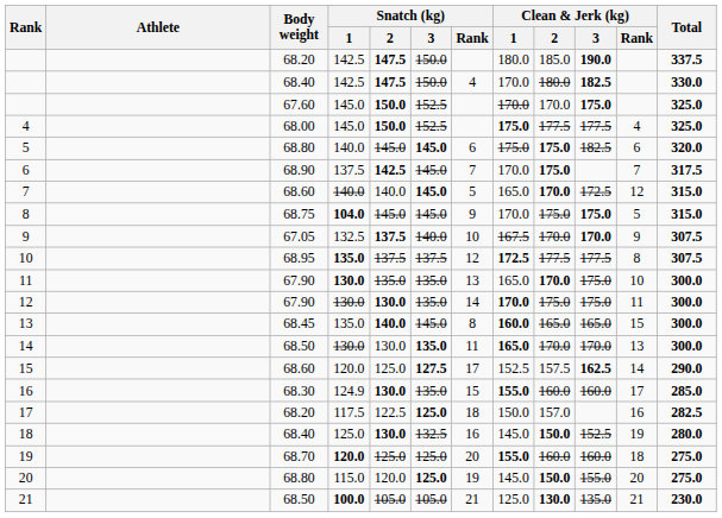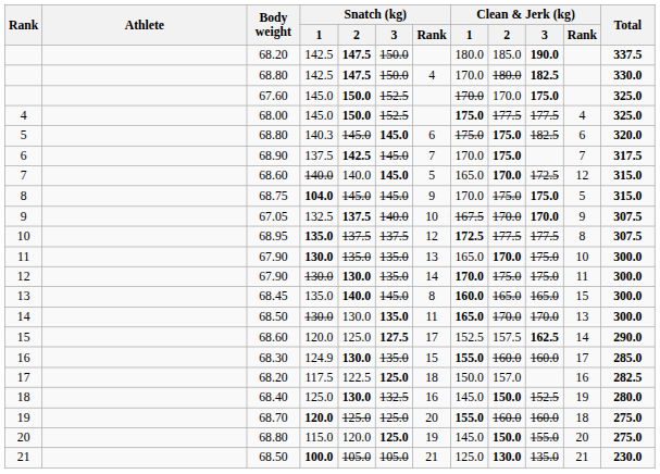 <table class = "wikitable" style="text-align:center;">
 <tr>
 <th rowspan=2 width=40>Rank</th>
 <th rowspan=2 width=250>Athlete</th>
 <th rowspan=2 width=60>Body weight</th>
 <th colspan=4>Snatch (kg)</th>
 <th colspan=4>Clean & Jerk (kg)</th>
 <th rowspan=2 width=60>Total</th>
 </tr>
 <tr>
 <th width=40>1</th>
 <th width=40>2</th>
 <th width=40>3</th>
 <th width=40>Rank</th>
 <th width=40>1</th>
 <th width=40>2</th>
 <th width=40>3</th>
 <th width=40>Rank</th>
 </tr>
 <tr>
 <td></td>
 <td align=left></td>
 <td>68.20</td>
 <td>142.5</td>
 <td><strong>147.5</strong></td>
 <td><s>150.0</s></td>
 <td></td>
 <td>180.0</td>
 <td>185.0</td>
 <td><strong>190.0</strong></td>
 <td></td>
 <td><strong>337.5</strong></td>
 </tr>
 <tr>
 <td></td>
 <td align=left></td>
-<td>68.40</td>
+<td>68.80</td>
 <td>142.5</td>
 <td><strong>147.5</strong></td>
 <td><s>150.0</s></td>
 <td>4</td>
 <td>170.0</td>
 <td><s>180.0</s></td>
 <td><strong>182.5</strong></td>
 <td></td>
 <td><strong>330.0</strong></td>
 </tr>
 <tr>
 <td></td>
 <td align=left></td>
 <td>67.60</td>
 <td>145.0</td>
 <td><strong>150.0</strong></td>
 <td><s>152.5</s></td>
 <td></td>
 <td><s>170.0</s></td>
 <td>170.0</td>
 <td><strong>175.0</strong></td>
 <td></td>
 <td><strong>325.0</strong></td>
 </tr>
 <tr>
 <td>4</td>
 <td align=left></td>
 <td>68.00</td>
 <td>145.0</td>
 <td><strong>150.0</strong></td>
 <td><s>152.5</s></td>
 <td></td>
 <td><strong>175.0</strong></td>
 <td><s>177.5</s></td>
 <td><s>177.5</s></td>
 <td>4</td>
 <td><strong>325.0</strong></td>
 </tr>
 <tr>
 <td>5</td>
 <td align=left></td>
 <td>68.80</td>
-<td>140.0</td>
+<td>140.3</td>
 <td><s>145.0</s></td>
 <td><strong>145.0</strong></td>
 <td>6</td>
 <td><s>175.0</s></td>
 <td><strong>175.0</strong></td>
 <td><s>182.5</s></td>
 <td>6</td>
 <td><strong>320.0</strong></td>
 </tr>
 <tr>
 <td>6</td>
 <td align=left></td>
 <td>68.90</td>
 <td>137.5</td>
 <td><strong>142.5</strong></td>
 <td><s>145.0</s></td>
 <td>7</td>
 <td>170.0</td>
 <td><strong>175.0</strong></td>
 <td></td>
 <td>7</td>
 <td><strong>317.5</strong></td>
 </tr>
 <tr>
 <td>7</td>
 <td align=left></td>
 <td>68.60</td>
 <td><s>140.0</s></td>
 <td>140.0</td>
 <td><strong>145.0</strong></td>
 <td>5</td>
 <td>165.0</td>
 <td><strong>170.0</strong></td>
 <td><s>172.5</s></td>
 <td>12</td>
 <td><strong>315.0</strong></td>
 </tr>
 <tr>
 <td>8</td>
 <td align=left></td>
 <td>68.75</td>
 <td><strong>104.0</strong></td>
 <td><s>145.0</s></td>
 <td><s>145.0</s></td>
 <td>9</td>
 <td>170.0</td>
 <td><s>175.0</s></td>
 <td><strong>175.0</strong></td>
 <td>5</td>
 <td><strong>315.0</strong></td>
 </tr>
 <tr>
 <td>9</td>
 <td align=left></td>
 <td>67.05</td>
 <td>132.5</td>
 <td><strong>137.5</strong></td>
 <td><s>140.0</s></td>
 <td>10</td>
 <td><s>167.5</s></td>
 <td><s>170.0</s></td>
 <td><strong>170.0</strong></td>
 <td>9</td>
 <td><strong>307.5</strong></td>
 </tr>
 <tr>
 <td>10</td>
 <td align=left></td>
 <td>68.95</td>
 <td><strong>135.0</strong></td>
 <td><s>137.5</s></td>
 <td><s>137.5</s></td>
 <td>12</td>
 <td><strong>172.5</strong></td>
 <td><s>177.5</s></td>
 <td><s>177.5</s></td>
 <td>8</td>
 <td><strong>307.5</strong></td>
 </tr>
 <tr>
 <td>11</td>
 <td align=left></td>
 <td>67.90</td>
 <td><strong>130.0</strong></td>
 <td><s>135.0</s></td>
 <td><s>135.0</s></td>
 <td>13</td>
 <td>165.0</td>
 <td><strong>170.0</strong></td>
 <td><s>175.0</s></td>
 <td>10</td>
 <td><strong>300.0</strong></td>
 </tr>
 <tr>
 <td>12</td>
 <td align=left></td>
 <td>67.90</td>
 <td><s>130.0</s></td>
 <td><strong>130.0</strong></td>
 <td><s>135.0</s></td>
 <td>14</td>
 <td><strong>170.0</strong></td>
 <td><s>175.0</s></td>
 <td><s>175.0</s></td>
 <td>11</td>
 <td><strong>300.0</strong></td>
 </tr>
 <tr>
 <td>13</td>
 <td align=left></td>
 <td>68.45</td>
 <td>135.0</td>
 <td><strong>140.0</strong></td>
 <td><s>145.0</s></td>
 <td>8</td>
 <td><strong>160.0</strong></td>
 <td><s>165.0</s></td>
 <td><s>165.0</s></td>
 <td>15</td>
 <td><strong>300.0</strong></td>
 </tr>
 <tr>
 <td>14</td>
 <td align=left></td>
 <td>68.50</td>
 <td><s>130.0</s></td>
 <td>130.0</td>
 <td><strong>135.0</strong></td>
 <td>11</td>
 <td><strong>165.0</strong></td>
 <td><s>170.0</s></td>
 <td><s>170.0</s></td>
 <td>13</td>
 <td><strong>300.0</strong></td>
 </tr>
 <tr>
 <td>15</td>
 <td align=left></td>
 <td>68.60</td>
 <td>120.0</td>
 <td>125.0</td>
 <td><strong>127.5</strong></td>
 <td>17</td>
 <td>152.5</td>
 <td>157.5</td>
 <td><strong>162.5</strong></td>
 <td>14</td>
 <td><strong>290.0</strong></td>
 </tr>
 <tr>
 <td>16</td>
 <td align=left></td>
 <td>68.30</td>
 <td>124.9</td>
 <td><strong>130.0</strong></td>
 <td><s>135.0</s></td>
 <td>15</td>
 <td><strong>155.0</strong></td>
 <td><s>160.0</s></td>
 <td><s>160.0</s></td>
 <td>17</td>
 <td><strong>285.0</strong></td>
 </tr>
 <tr>
 <td>17</td>
 <td align=left></td>
 <td>68.20</td>
 <td>117.5</td>
 <td>122.5</td>
 <td><strong>125.0</strong></td>
 <td>18</td>
 <td>150.0</td>
 <td>157.0</td>
 <td></td>
 <td>16</td>
 <td><strong>282.5</strong></td>
 </tr>
 <tr>
 <td>18</td>
 <td align=left></td>
 <td>68.40</td>
 <td>125.0</td>
 <td><strong>130.0</strong></td>
 <td><s>132.5</s></td>
 <td>16</td>
 <td>145.0</td>
 <td><strong>150.0</strong></td>
 <td><s>152.5</s></td>
 <td>19</td>
 <td><strong>280.0</strong></td>
 </tr>
 <tr>
 <td>19</td>
 <td align=left></td>
 <td>68.70</td>
 <td><strong>120.0</strong></td>
 <td><s>125.0</s></td>
 <td><s>125.0</s></td>
 <td>20</td>
 <td><strong>155.0</strong></td>
 <td><s>160.0</s></td>
 <td><s>160.0</s></td>
 <td>18</td>
 <td><strong>275.0</strong></td>
 </tr>
 <tr>
 <td>20</td>
 <td align=left></td>
 <td>68.80</td>
 <td>115.0</td>
 <td>120.0</td>
 <td><strong>125.0</strong></td>
 <td>19</td>
 <td>145.0</td>
 <td><strong>150.0</strong></td>
 <td><s>155.0</s></td>
 <td>20</td>
 <td><strong>275.0</strong></td>
 </tr>
 <tr>
 <td>21</td>
 <td align=left></td>
 <td>68.50</td>
 <td><strong>100.0</strong></td>
 <td><s>105.0</s></td>
 <td><s>105.0</s></td>
 <td>21</td>
 <td>125.0</td>
 <td><strong>130.0</strong></td>
 <td><s>135.0</s></td>
 <td>21</td>
 <td><strong>230.0</strong></td>
 </tr>
 </table>
